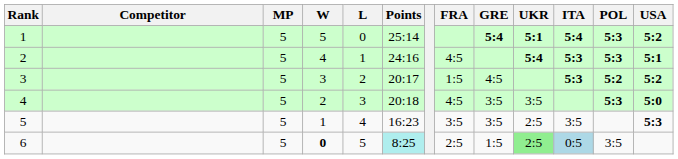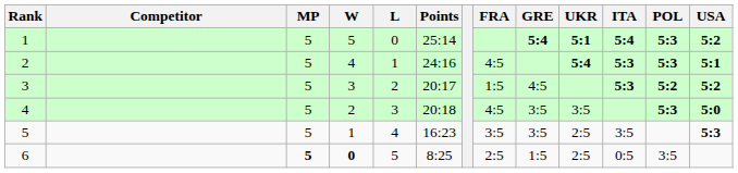 <table class="wikitable" style="text-align:center">
 <tr>
 <th>Rank</th>
 <th style="width:16em">Competitor</th>
 <th style="width:2.5em">MP</th>
 <th style="width:2.5em">W</th>
 <th style="width:2.5em">L</th>
 <th>Points</th>
 <th rowspan="7"> </th>
 <th style="width:2.5em">FRA</th>
 <th style="width:2.5em">GRE</th>
 <th style="width:2.5em">UKR</th>
 <th style="width:2.5em">ITA</th>
 <th style="width:2.5em">POL</th>
 <th style="width:2.5em">USA</th>
 </tr>
 <tr style="background:#cfc;">
 <td>1</td>
 <td style="text-align:left"></td>
 <td>5</td>
 <td>5</td>
 <td>0</td>
 <td>25:14</td>
 <td></td>
 <td><strong>5:4</strong></td>
 <td><strong>5:1</strong></td>
 <td><strong>5:4</strong></td>
 <td><strong>5:3</strong></td>
 <td><strong>5:2</strong></td>
 </tr>
 <tr style="background:#cfc;">
 <td>2</td>
 <td style="text-align:left"></td>
 <td>5</td>
 <td>4</td>
 <td>1</td>
 <td>24:16</td>
 <td>4:5</td>
 <td></td>
 <td><strong>5:4</strong></td>
 <td><strong>5:3</strong></td>
 <td><strong>5:3</strong></td>
 <td><strong>5:1</strong></td>
 </tr>
 <tr style="background:#cfc;">
 <td>3</td>
 <td style="text-align:left"></td>
 <td>5</td>
 <td>3</td>
 <td>2</td>
 <td>20:17</td>
 <td>1:5</td>
 <td>4:5</td>
 <td></td>
 <td><strong>5:3</strong></td>
 <td><strong>5:2</strong></td>
 <td><strong>5:2</strong></td>
 </tr>
 <tr style="background:#cfc;">
 <td>4</td>
 <td style="text-align:left"></td>
 <td>5</td>
 <td>2</td>
 <td>3</td>
 <td>20:18</td>
 <td>4:5</td>
 <td>3:5</td>
 <td>3:5</td>
 <td></td>
 <td><strong>5:3</strong></td>
 <td><strong>5:0</strong></td>
 </tr>
 <tr>
 <td>5</td>
 <td style="text-align:left"></td>
 <td>5</td>
 <td>1</td>
 <td>4</td>
 <td>16:23</td>
 <td>3:5</td>
 <td>3:5</td>
 <td>2:5</td>
 <td>3:5</td>
 <td></td>
 <td><strong>5:3</strong></td>
 </tr>
 <tr>
 <td>6</td>
 <td style="text-align:left"></td>
-<td>5</td>
+<td><strong>5</strong></td>
 <td><strong>0</strong></td>
 <td>5</td>
-<td style="background: paleturquoise;">8:25</td>
+<td>8:25</td>
 <td>2:5</td>
 <td>1:5</td>
-<td style="background: lightgreen;">2:5</td>
-<td style="background: lightblue;">0:5</td>
+<td>2:5</td>
+<td>0:5</td>
 <td>3:5</td>
 <td></td>
 </tr>
 </table>
